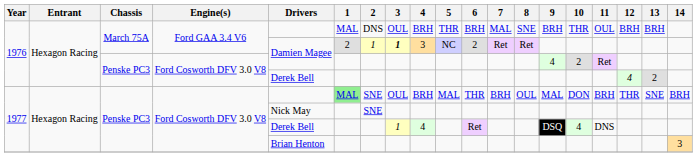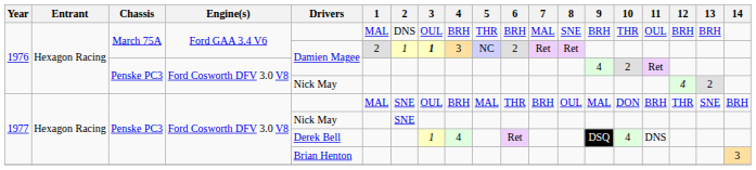 <table class="wikitable" style="text-align:center; font-size:90%">
 <tr>
 <th>Year</th>
 <th>Entrant</th>
 <th>Chassis</th>
 <th>Engine(s)</th>
 <th>Drivers</th>
 <th>1</th>
 <th>2</th>
 <th>3</th>
 <th>4</th>
 <th>5</th>
 <th>6</th>
 <th>7</th>
 <th>8</th>
 <th>9</th>
 <th>10</th>
 <th>11</th>
 <th>12</th>
 <th>13</th>
 <th>14</th>
 </tr>
 <tr>
 <td rowspan="4"><a href='#'>1976</a></td>
 <td rowspan="4">Hexagon Racing</td>
 <td rowspan="2"><a href='#'>March 75A</a></td>
 <td rowspan="2"><a href='#'>Ford GAA 3.4 V6</a></td>
 <td></td>
 <td><a href='#'>MAL</a></td>
 <td>DNS</td>
 <td><a href='#'>OUL</a></td>
 <td><a href='#'>BRH</a></td>
 <td><a href='#'>THR</a></td>
 <td><a href='#'>BRH</a></td>
 <td><a href='#'>MAL</a></td>
 <td><a href='#'>SNE</a></td>
 <td><a href='#'>BRH</a></td>
 <td><a href='#'>THR</a></td>
 <td><a href='#'>OUL</a></td>
 <td><a href='#'>BRH</a></td>
 <td><a href='#'>BRH</a></td>
 <td></td>
 </tr>
 <tr>
 <td rowspan="2" align="left"> <a href='#'>Damien Magee</a></td>
 <td style="background:#DFDFDF;">2</td>
 <td style="background:#FFFFBF;"><em>1</em></td>
 <td style="background:#FFFFBF;"><strong><em>1</em></strong></td>
 <td style="background:#FFDF9F;">3</td>
 <td style="background:#CFCFFF;">NC</td>
 <td style="background:#DFDFDF;">2</td>
 <td style="background:#EFCFFF;">Ret</td>
 <td style="background:#EFCFFF;">Ret</td>
 <td></td>
 <td></td>
 <td></td>
 <td></td>
 <td></td>
 <td></td>
 </tr>
 <tr>
 <td rowspan="2"><a href='#'>Penske PC3</a></td>
 <td rowspan="2"><a href='#'>Ford Cosworth DFV</a> 3.0 <a href='#'>V8</a></td>
 <td></td>
 <td></td>
 <td></td>
 <td></td>
 <td></td>
 <td></td>
 <td></td>
 <td></td>
 <td style="background:#DFFFDF;">4</td>
 <td style="background:#DFDFDF;">2</td>
 <td style="background:#EFCFFF;">Ret</td>
 <td></td>
 <td></td>
 <td></td>
 </tr>
 <tr>
-<td align="left"> <a href='#'>Derek Bell</a></td>
+<td align="left"> Nick May</td>
 <td></td>
 <td></td>
 <td></td>
 <td></td>
 <td></td>
 <td></td>
 <td></td>
 <td></td>
 <td></td>
 <td></td>
 <td></td>
 <td style="background:#DFFFDF;"><em>4</em></td>
 <td style="background:#DFDFDF;">2</td>
 <td></td>
 </tr>
 <tr>
 <td rowspan="4"><a href='#'>1977</a></td>
 <td rowspan="4">Hexagon Racing</td>
 <td rowspan="4"><a href='#'>Penske PC3</a></td>
 <td rowspan="4"><a href='#'>Ford Cosworth DFV</a> 3.0 <a href='#'>V8</a></td>
 <td></td>
-<td style="background: lightgreen;"><a href='#'>MAL</a></td>
+<td><a href='#'>MAL</a></td>
 <td><a href='#'>SNE</a></td>
 <td><a href='#'>OUL</a></td>
 <td><a href='#'>BRH</a></td>
 <td><a href='#'>MAL</a></td>
 <td><a href='#'>THR</a></td>
 <td><a href='#'>BRH</a></td>
 <td><a href='#'>OUL</a></td>
 <td><a href='#'>MAL</a></td>
 <td><a href='#'>DON</a></td>
 <td><a href='#'>BRH</a></td>
 <td><a href='#'>THR</a></td>
 <td><a href='#'>SNE</a></td>
 <td><a href='#'>BRH</a></td>
 </tr>
 <tr>
 <td align="left"> Nick May</td>
 <td></td>
 <td><a href='#'>SNE</a></td>
 <td></td>
 <td></td>
 <td></td>
 <td></td>
 <td></td>
 <td></td>
 <td></td>
 <td></td>
 <td></td>
 <td></td>
 <td></td>
 <td></td>
 </tr>
 <tr>
 <td align="left"> <a href='#'>Derek Bell</a></td>
 <td></td>
 <td></td>
 <td style="background:#FFFFBF;"><em>1</em></td>
 <td style="background:#DFFFDF;">4</td>
 <td></td>
 <td style="background:#EFCFFF;">Ret</td>
 <td></td>
 <td></td>
 <td style="background:#000000; color:white;">DSQ</td>
 <td style="background:#DFFFDF;">4</td>
 <td>DNS</td>
 <td></td>
 <td></td>
 <td></td>
 </tr>
 <tr>
 <td align="left"> <a href='#'>Brian Henton</a></td>
 <td></td>
 <td></td>
 <td></td>
 <td></td>
 <td></td>
 <td></td>
 <td></td>
 <td></td>
 <td></td>
 <td></td>
 <td></td>
 <td></td>
 <td></td>
 <td style="background:#FFDF9F;">3</td>
 </tr>
 <tr>
 </tr>
 </table>
